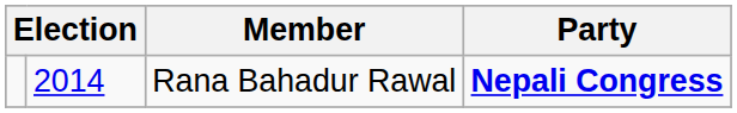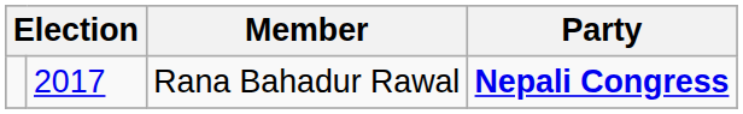 <table class="wikitable">
 <tr>
 <th colspan="2">Election</th>
 <th>Member</th>
 <th>Party</th>
 </tr>
 <tr>
 <td style="background-color:"></td>
-<td><a href='#'>2014</a></td>
+<td><a href='#'>2017</a></td>
 <td>Rana Bahadur Rawal</td>
 <td><strong><a href='#'>Nepali Congress</a></strong></td>
 </tr>
 </table>
